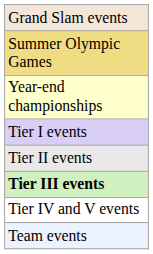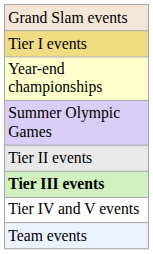 <table class=wikitable style=font-size:90%;width:15%>
 <tr style="background:#F3E6D7;">
 <td>Grand Slam events</td>
 </tr>
 <tr style="background:#f0dc82;">
-<td>Summer Olympic Games</td>
+<td>Tier I events</td>
 </tr>
 <tr style="background:#ffc;">
 <td>Year-end championships</td>
 </tr>
 <tr style="background:#d8cef6;">
-<td>Tier I events</td>
+<td>Summer Olympic Games</td>
 </tr>
 <tr style="background:#e9e9e9;">
 <td>Tier II events</td>
 </tr>
 <tr style="background:#d0f0c0;">
 <td><strong>Tier III events</strong></td>
 </tr>
 <tr style="background:#fff;">
 <td>Tier IV and V events</td>
 </tr>
 <tr style="background:#ecf2ff;">
 <td>Team events</td>
 </tr>
 </table>
